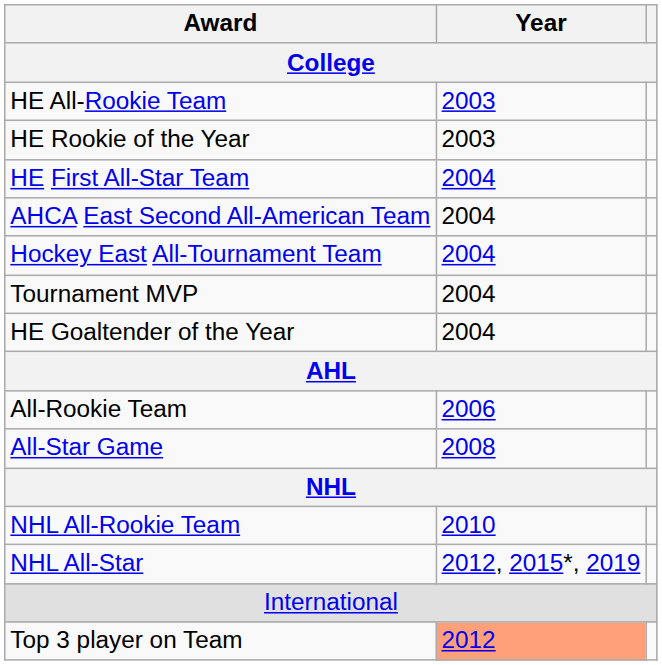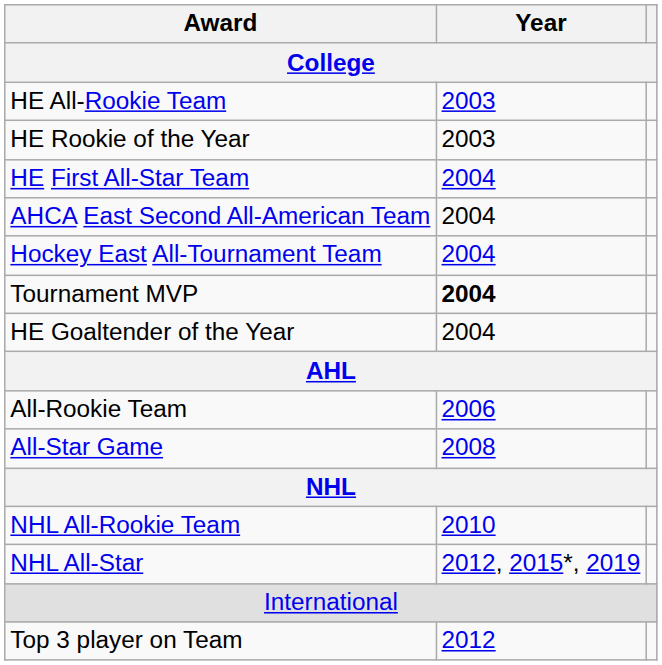 <table class="wikitable">
 <tr>
 <th>Award</th>
 <th>Year</th>
 <th></th>
 </tr>
 <tr>
 <th colspan="3"><a href='#'>College</a></th>
 </tr>
 <tr>
 <td>HE All-<a href='#'>Rookie Team</a></td>
 <td><a href='#'>2003</a></td>
 <td></td>
 </tr>
 <tr>
 <td>HE Rookie of the Year</td>
 <td>2003</td>
 <td></td>
 </tr>
 <tr>
 <td><a href='#'>HE</a> <a href='#'>First All-Star Team</a></td>
 <td><a href='#'>2004</a></td>
 <td></td>
 </tr>
 <tr>
 <td><a href='#'>AHCA</a> <a href='#'>East Second All-American Team</a></td>
 <td>2004</td>
 <td></td>
 </tr>
 <tr>
 <td><a href='#'>Hockey East</a> <a href='#'>All-Tournament Team</a></td>
 <td><a href='#'>2004</a></td>
 <td></td>
 </tr>
 <tr>
 <td>Tournament MVP</td>
-<td>2004</td>
+<td><strong>2004</strong></td>
 <td></td>
 </tr>
 <tr>
 <td>HE Goaltender of the Year</td>
 <td>2004</td>
 <td></td>
 </tr>
 <tr>
 <th colspan="3"><a href='#'>AHL</a></th>
 </tr>
 <tr>
 <td>All-Rookie Team</td>
 <td><a href='#'>2006</a></td>
 <td></td>
 </tr>
 <tr>
 <td><a href='#'>All-Star Game</a></td>
 <td><a href='#'>2008</a></td>
 <td></td>
 </tr>
 <tr>
 <th colspan="3"><a href='#'>NHL</a></th>
 </tr>
 <tr>
 <td><a href='#'>NHL All-Rookie Team</a></td>
 <td><a href='#'>2010</a></td>
 <td></td>
 </tr>
 <tr>
 <td><a href='#'>NHL All-Star</a></td>
 <td><a href='#'>2012</a>, <a href='#'>2015</a>*, <a href='#'>2019</a></td>
 <td></td>
 </tr>
 <tr ALIGN="center" bgcolor="#e0e0e0">
 <td colspan="3"><a href='#'>International</a></td>
 </tr>
 <tr>
 <td>Top 3 player on Team</td>
-<td style="background: lightsalmon;"><a href='#'>2012</a></td>
+<td><a href='#'>2012</a></td>
 <td></td>
 </tr>
 </table>
